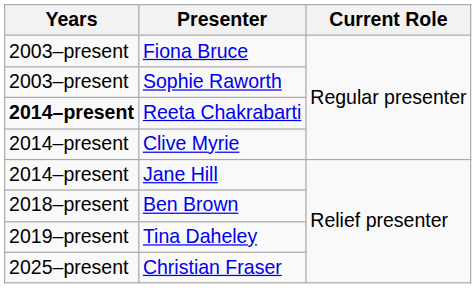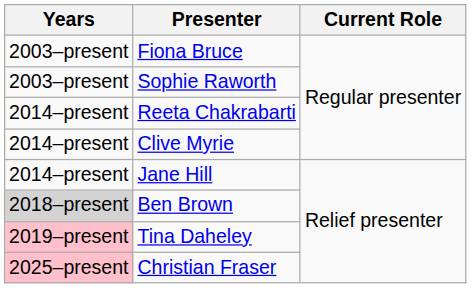 <table class="wikitable">
 <tr>
 <th>Years</th>
 <th>Presenter</th>
 <th>Current Role</th>
 </tr>
 <tr>
 <td>2003–present</td>
 <td><a href='#'>Fiona Bruce</a></td>
 <td rowspan="4">Regular presenter</td>
 </tr>
 <tr>
 <td>2003–present</td>
 <td><a href='#'>Sophie Raworth</a></td>
 </tr>
 <tr>
-<td><strong>2014–present</strong></td>
+<td>2014–present</td>
 <td><a href='#'>Reeta Chakrabarti</a></td>
 </tr>
 <tr>
 <td>2014–present</td>
 <td><a href='#'>Clive Myrie</a></td>
 </tr>
 <tr>
 <td>2014–present</td>
 <td><a href='#'>Jane Hill</a></td>
 <td rowspan="4">Relief presenter</td>
 </tr>
 <tr>
-<td>2018–present</td>
+<td style="background: lightgrey;">2018–present</td>
 <td><a href='#'>Ben Brown</a></td>
 </tr>
 <tr>
-<td>2019–present</td>
+<td style="background: pink;">2019–present</td>
 <td><a href='#'>Tina Daheley</a></td>
 </tr>
 <tr>
-<td>2025–present</td>
+<td style="background: pink;">2025–present</td>
 <td><a href='#'>Christian Fraser</a></td>
 </tr>
 </table>
